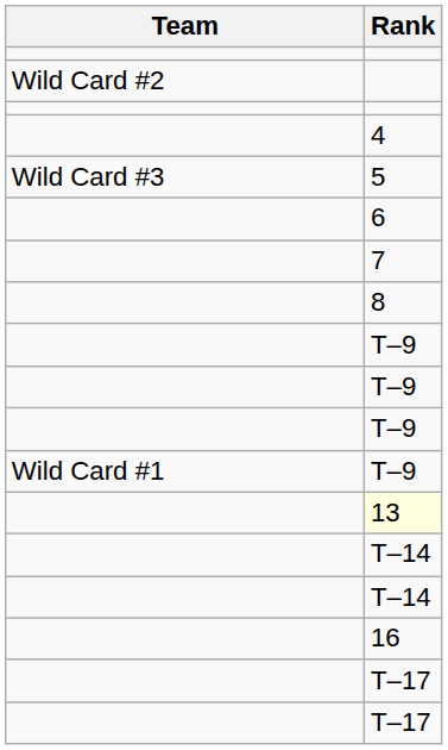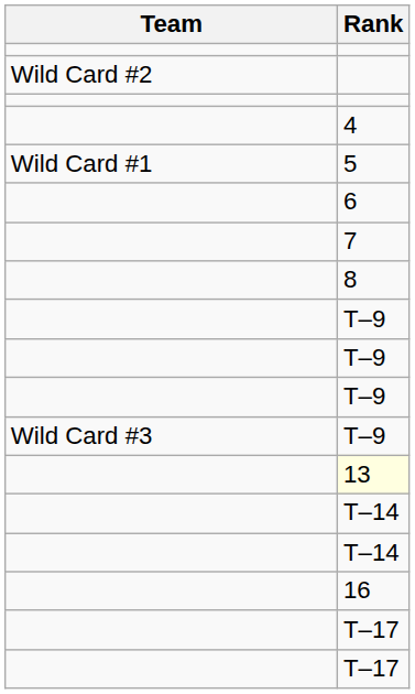 <table class="wikitable">
 <tr>
 <th width=210>Team</th>
 <th width=15>Rank</th>
 </tr>
 <tr>
 <td></td>
 <td></td>
 </tr>
 <tr>
 <td> Wild Card #2</td>
 <td></td>
 </tr>
 <tr>
 <td></td>
 <td></td>
 </tr>
 <tr>
 <td></td>
 <td>4</td>
 </tr>
 <tr>
-<td> Wild Card #3</td>
+<td> Wild Card #1</td>
 <td>5</td>
 </tr>
 <tr>
 <td></td>
 <td>6</td>
 </tr>
 <tr>
 <td></td>
 <td>7</td>
 </tr>
 <tr>
 <td></td>
 <td>8</td>
 </tr>
 <tr>
 <td></td>
 <td>T–9</td>
 </tr>
 <tr>
 <td></td>
 <td>T–9</td>
 </tr>
 <tr>
 <td></td>
 <td>T–9</td>
 </tr>
 <tr>
-<td> Wild Card #1</td>
+<td> Wild Card #3</td>
 <td>T–9</td>
 </tr>
 <tr>
 <td></td>
 <td style="background: lightyellow;">13</td>
 </tr>
 <tr>
 <td></td>
 <td>T–14</td>
 </tr>
 <tr>
 <td></td>
 <td>T–14</td>
 </tr>
 <tr>
 <td></td>
 <td>16</td>
 </tr>
 <tr>
 <td></td>
 <td>T–17</td>
 </tr>
 <tr>
 <td></td>
 <td>T–17</td>
 </tr>
 </table>
